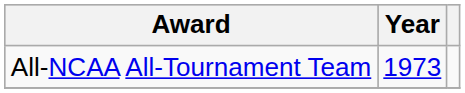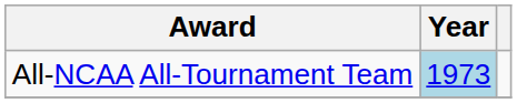 <table class="wikitable">
 <tr>
 <th>Award</th>
 <th>Year</th>
 <th></th>
 </tr>
 <tr>
 <td>All-<a href='#'>NCAA</a> <a href='#'>All-Tournament Team</a></td>
-<td><a href='#'>1973</a></td>
+<td style="background: lightblue;"><a href='#'>1973</a></td>
 <td></td>
 </tr>
 <tr>
 </tr>
 </table>
